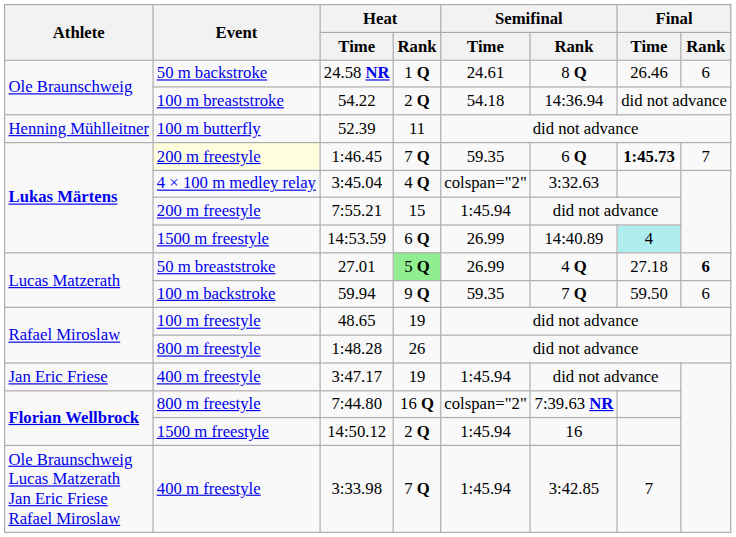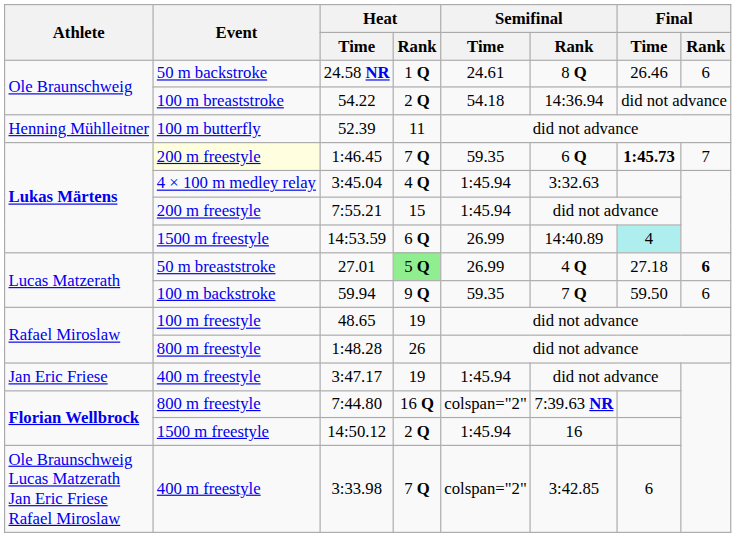 <table class="wikitable" style="font-size:90%;">
 <tr>
 <th rowspan="2">Athlete</th>
 <th rowspan="2">Event</th>
 <th colspan="2">Heat</th>
 <th colspan="2">Semifinal</th>
 <th colspan="2">Final</th>
 </tr>
 <tr>
 <th>Time</th>
 <th>Rank</th>
 <th>Time</th>
 <th>Rank</th>
 <th>Time</th>
 <th>Rank</th>
 </tr>
 <tr align="center">
 <td rowspan="2" align="left"><a href='#'>Ole Braunschweig</a></td>
 <td align="left"><a href='#'>50 m backstroke</a></td>
 <td>24.58 <strong><a href='#'>NR</a></strong></td>
 <td>1 <strong>Q</strong></td>
 <td>24.61</td>
 <td>8 <strong>Q</strong></td>
 <td>26.46</td>
 <td>6</td>
 </tr>
 <tr align="center">
 <td align="left"><a href='#'>100 m breaststroke</a></td>
 <td>54.22</td>
 <td>2 <strong>Q</strong></td>
 <td>54.18</td>
 <td>14:36.94</td>
 <td colspan=2>did not advance</td>
 </tr>
 <tr align="center">
 <td align="left"><a href='#'>Henning Mühlleitner</a></td>
 <td align="left"><a href='#'>100 m butterfly</a></td>
 <td>52.39</td>
 <td>11</td>
 <td colspan=4>did not advance</td>
 </tr>
 <tr align="center">
 <td align="left" rowspan=4><strong><a href='#'>Lukas Märtens</a></strong></td>
 <td align="left" style="background: lightyellow;"><a href='#'>200 m freestyle</a></td>
 <td>1:46.45</td>
 <td>7 <strong>Q</strong></td>
 <td>59.35</td>
 <td>6 <strong>Q</strong></td>
 <td><strong>1:45.73</strong></td>
 <td>7</td>
 </tr>
 <tr align="center">
 <td align="left"><a href='#'>4 × 100 m medley relay</a></td>
 <td>3:45.04</td>
 <td>4 <strong>Q</strong></td>
-<td>colspan="2" </td>
+<td>1:45.94</td>
 <td>3:32.63</td>
 <td></td>
 </tr>
 <tr align="center">
 <td align="left"><a href='#'>200 m freestyle</a></td>
 <td>7:55.21</td>
 <td>15</td>
 <td>1:45.94</td>
 <td colspan=2>did not advance</td>
 </tr>
 <tr align="center">
 <td align="left"><a href='#'>1500 m freestyle</a></td>
 <td>14:53.59</td>
 <td>6 <strong>Q</strong></td>
 <td>26.99</td>
 <td>14:40.89</td>
 <td style="background: paleturquoise;">4</td>
 </tr>
 <tr align="center">
 <td rowspan="2" align="left"><a href='#'>Lucas Matzerath</a></td>
 <td align="left"><a href='#'>50 m breaststroke</a></td>
 <td>27.01</td>
 <td style="background: lightgreen;">5 <strong>Q</strong></td>
 <td>26.99</td>
 <td>4 <strong>Q</strong></td>
 <td>27.18</td>
 <td><strong>6</strong></td>
 </tr>
 <tr align="center">
 <td align="left"><a href='#'>100 m backstroke</a></td>
 <td>59.94</td>
 <td>9 <strong>Q</strong></td>
 <td>59.35</td>
 <td>7 <strong>Q</strong></td>
 <td>59.50</td>
 <td>6</td>
 </tr>
 <tr align="center">
 <td rowspan="2" align="left"><a href='#'>Rafael Miroslaw</a></td>
 <td align="left"><a href='#'>100 m freestyle</a></td>
 <td>48.65</td>
 <td>19</td>
 <td colspan=4>did not advance</td>
 </tr>
 <tr align="center">
 <td align="left"><a href='#'>800 m freestyle</a></td>
 <td>1:48.28</td>
 <td>26</td>
 <td colspan=4>did not advance</td>
 </tr>
 <tr align="center">
 <td align="left"><a href='#'>Jan Eric Friese</a></td>
 <td align="left"><a href='#'>400 m freestyle</a></td>
 <td>3:47.17</td>
 <td>19</td>
 <td>1:45.94</td>
 <td colspan=2>did not advance</td>
 </tr>
 <tr align="center">
 <td align="left" rowspan=2><strong><a href='#'>Florian Wellbrock</a></strong></td>
 <td align="left"><a href='#'>800 m freestyle</a></td>
 <td>7:44.80</td>
 <td>16 <strong>Q</strong></td>
 <td>colspan="2" </td>
 <td>7:39.63 <strong><a href='#'>NR</a></strong></td>
 <td></td>
 </tr>
 <tr align="center">
 <td align="left"><a href='#'>1500 m freestyle</a></td>
 <td>14:50.12</td>
 <td>2 <strong>Q</strong></td>
 <td>1:45.94</td>
 <td>16</td>
 <td></td>
 </tr>
 <tr align="center">
 <td align="left"><a href='#'>Ole Braunschweig</a><br><a href='#'>Lucas Matzerath</a><br><a href='#'>Jan Eric Friese</a><br><a href='#'>Rafael Miroslaw</a></td>
 <td align="left"><a href='#'>400 m freestyle</a></td>
 <td>3:33.98</td>
 <td>7 <strong>Q</strong></td>
-<td>1:45.94</td>
+<td>colspan="2" </td>
 <td>3:42.85</td>
-<td>7</td>
+<td>6</td>
 </tr>
 </table>
